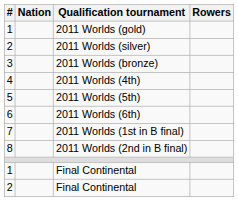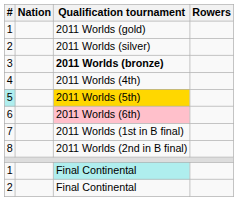 <table class="wikitable">
 <tr>
 <th>#</th>
 <th>Nation</th>
 <th>Qualification tournament</th>
 <th>Rowers</th>
 </tr>
 <tr>
 <td>1</td>
 <td></td>
 <td>2011 Worlds (gold)</td>
 <td></td>
 </tr>
 <tr>
 <td>2</td>
 <td></td>
 <td>2011 Worlds (silver)</td>
 <td></td>
 </tr>
 <tr>
 <td>3</td>
 <td></td>
-<td>2011 Worlds (bronze)</td>
+<td><strong>2011 Worlds (bronze)</strong></td>
 <td></td>
 </tr>
 <tr>
 <td>4</td>
 <td></td>
 <td>2011 Worlds (4th)</td>
 <td></td>
 </tr>
 <tr>
-<td>5</td>
+<td style="background: paleturquoise;">5</td>
 <td></td>
-<td>2011 Worlds (5th)</td>
+<td style="background: gold;">2011 Worlds (5th)</td>
 <td></td>
 </tr>
 <tr>
 <td>6</td>
 <td></td>
-<td>2011 Worlds (6th)</td>
+<td style="background: pink;">2011 Worlds (6th)</td>
 <td></td>
 </tr>
 <tr>
 <td>7</td>
 <td></td>
 <td>2011 Worlds (1st in B final)</td>
 <td></td>
 </tr>
 <tr>
 <td>8</td>
 <td></td>
 <td>2011 Worlds (2nd in B final)</td>
 <td></td>
 </tr>
 <tr bgcolor=#DDDDDD>
 <td colspan=4></td>
 </tr>
 <tr>
 <td>1</td>
 <td></td>
-<td>Final Continental</td>
+<td style="background: paleturquoise;">Final Continental</td>
 <td></td>
 </tr>
 <tr>
 <td>2</td>
 <td></td>
 <td>Final Continental</td>
 <td></td>
 </tr>
 </table>
